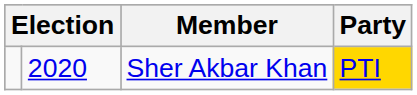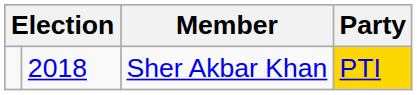 <table class="wikitable">
 <tr>
 <th colspan="2">Election</th>
 <th>Member</th>
 <th>Party</th>
 </tr>
 <tr>
 <td style="background-color: "></td>
-<td><a href='#'>2020</a></td>
+<td><a href='#'>2018</a></td>
 <td><a href='#'>Sher Akbar Khan</a></td>
 <td style="background: gold;"><a href='#'>PTI</a></td>
 </tr>
 </table>
